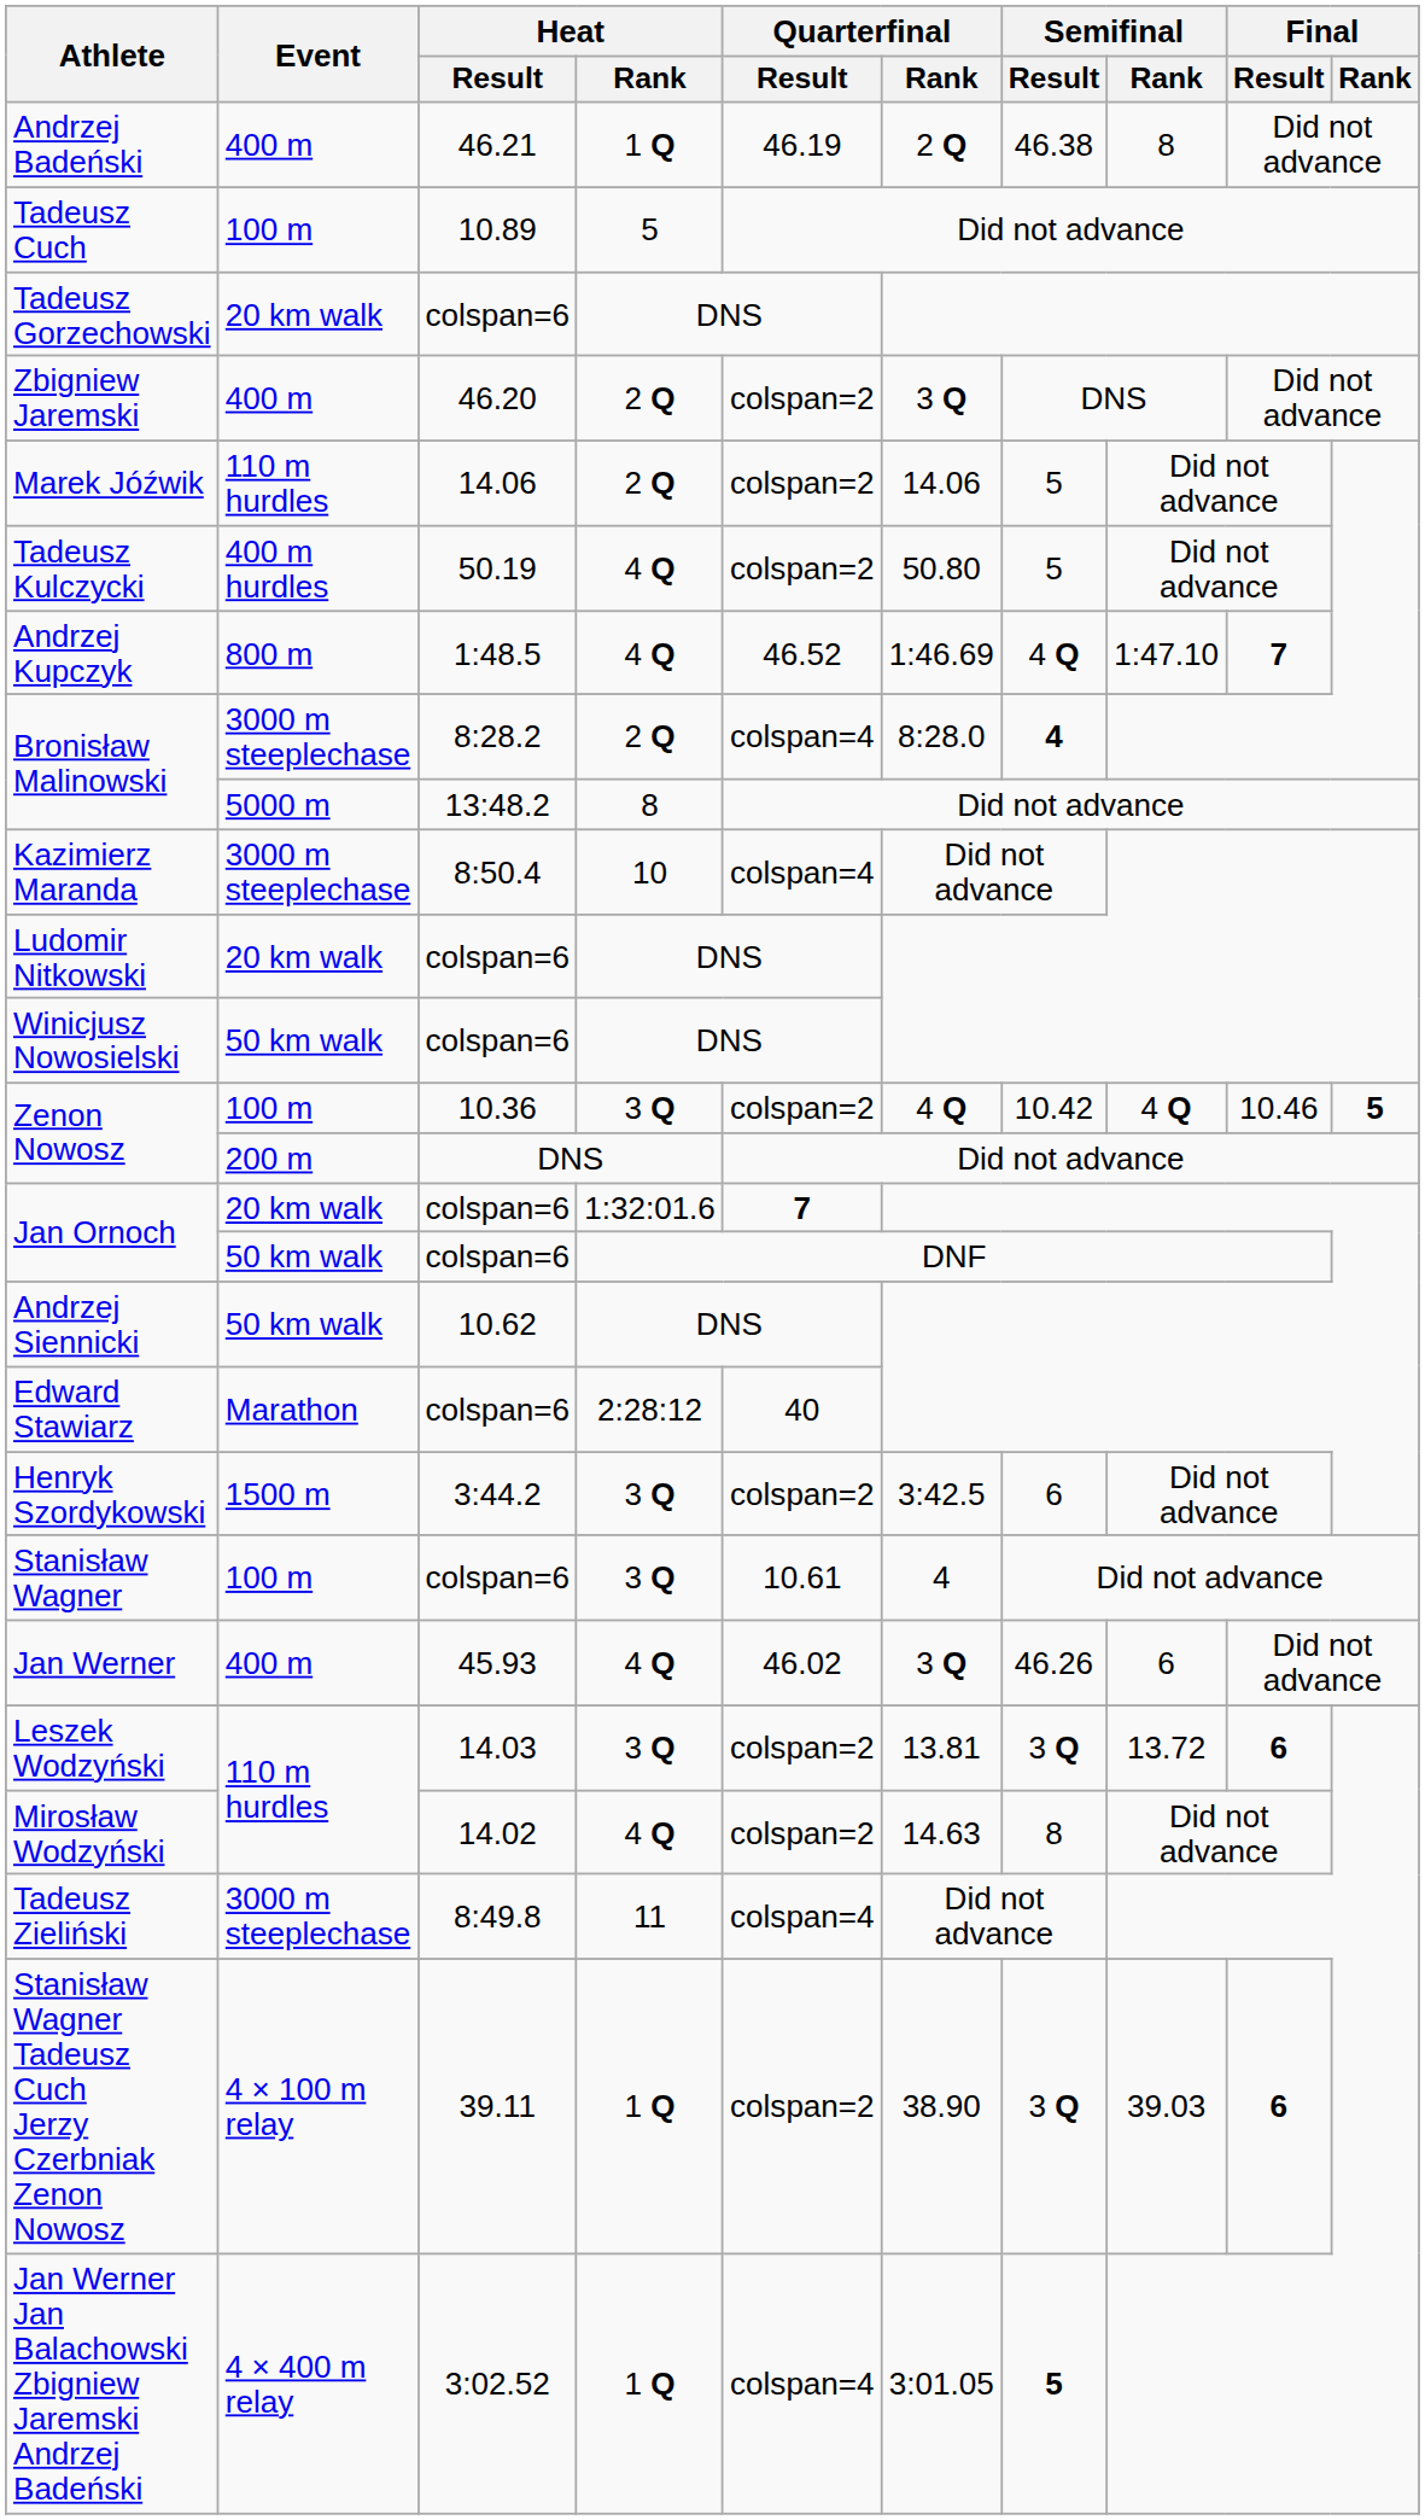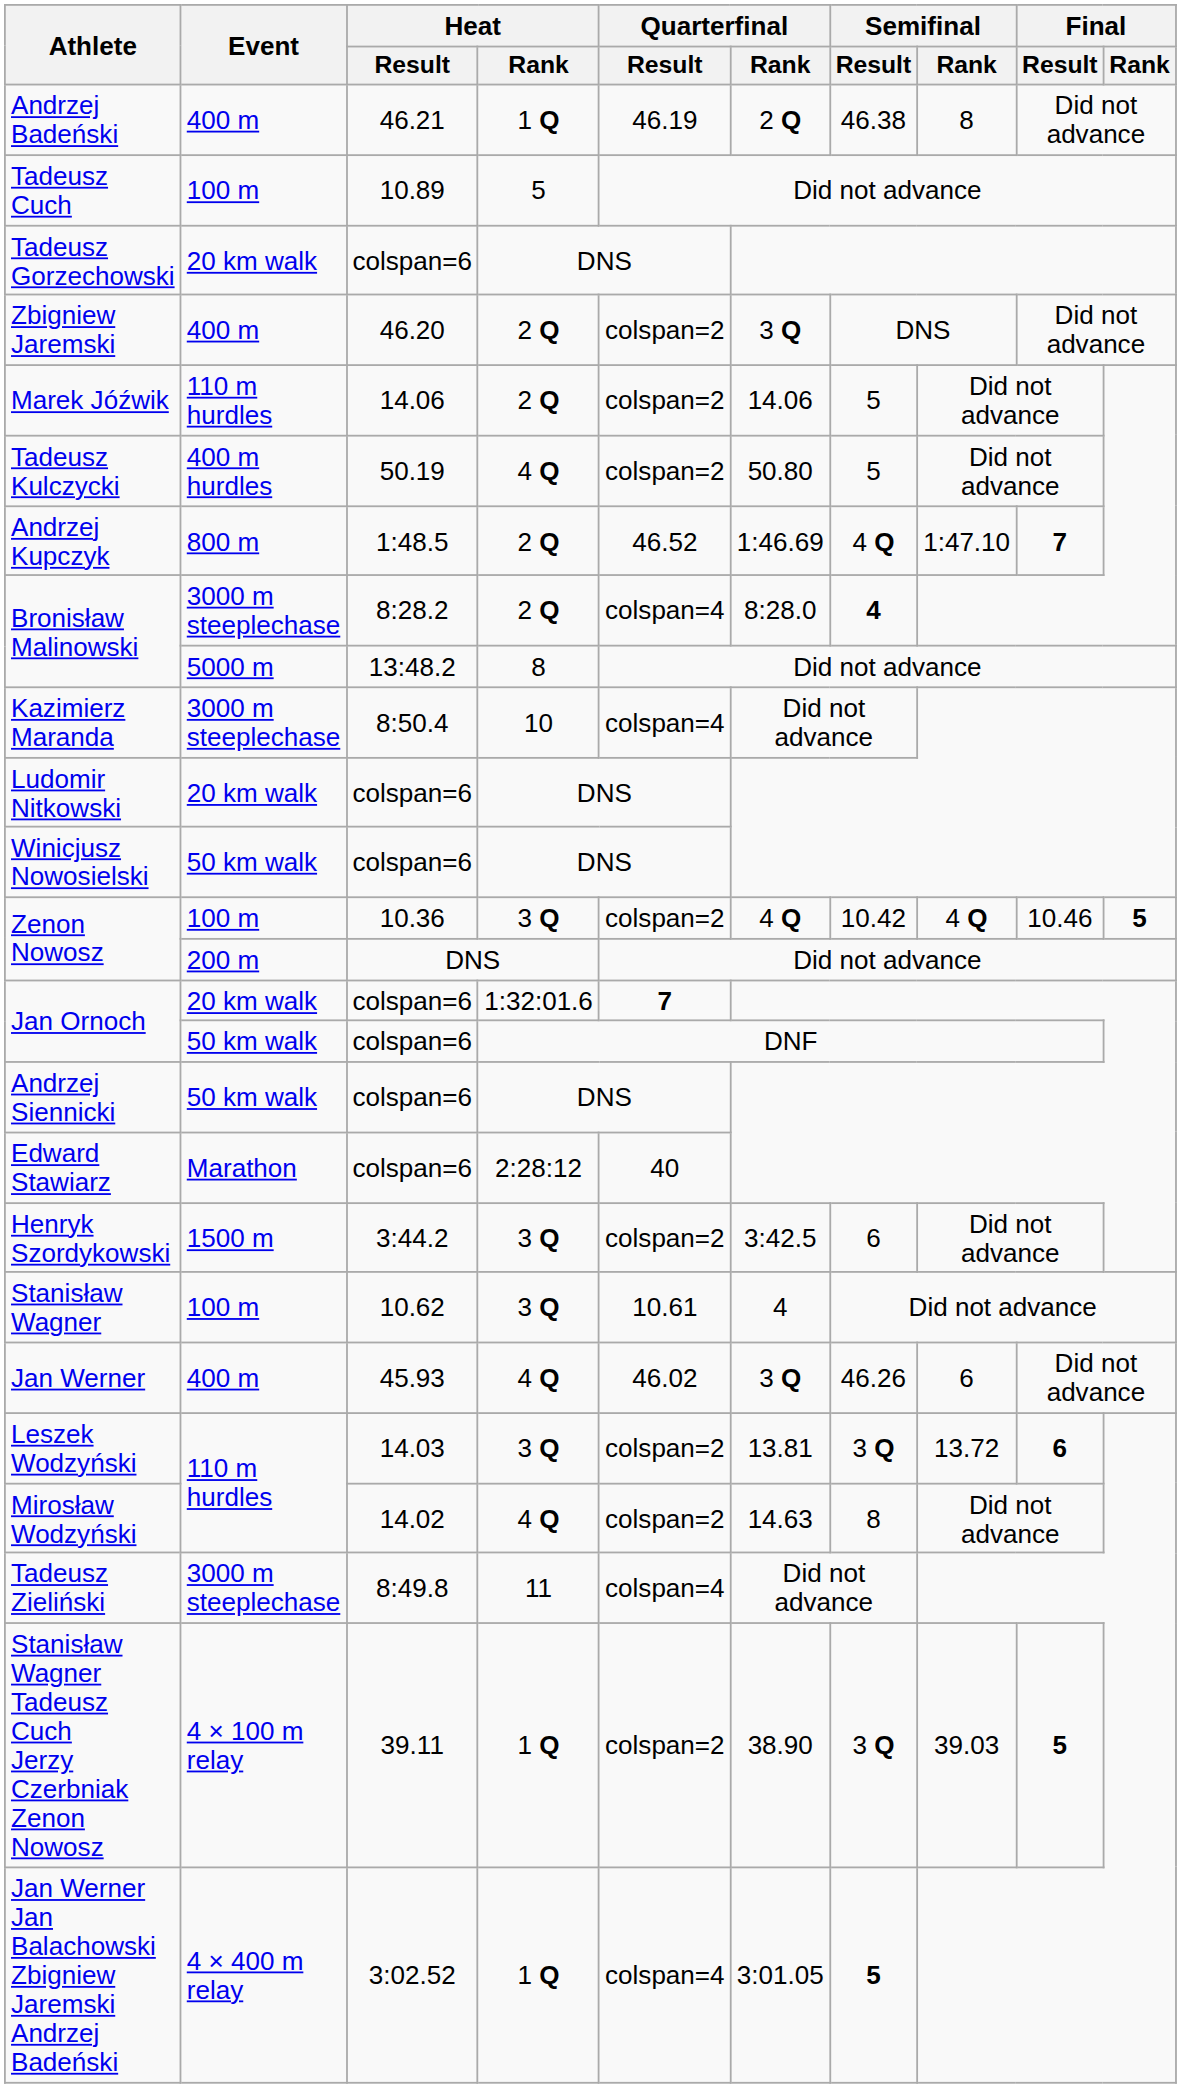 <table class="wikitable" style="font-size:90%">
 <tr>
 <th rowspan="2">Athlete</th>
 <th rowspan="2">Event</th>
 <th colspan="2">Heat</th>
 <th colspan="2">Quarterfinal</th>
 <th colspan="2">Semifinal</th>
 <th colspan="2">Final</th>
 </tr>
 <tr style="font-size:95%">
 <th>Result</th>
 <th>Rank</th>
 <th>Result</th>
 <th>Rank</th>
 <th>Result</th>
 <th>Rank</th>
 <th>Result</th>
 <th>Rank</th>
 </tr>
 <tr align=center>
 <td align=left><a href='#'>Andrzej Badeński</a></td>
 <td align=left><a href='#'>400 m</a></td>
 <td>46.21</td>
 <td>1 <strong>Q</strong></td>
 <td>46.19</td>
 <td>2 <strong>Q</strong></td>
 <td>46.38</td>
 <td>8</td>
 <td colspan=2>Did not advance</td>
 </tr>
 <tr align=center>
 <td style="text-align:left;"><a href='#'>Tadeusz Cuch</a></td>
 <td align=left><a href='#'>100 m</a></td>
 <td>10.89</td>
 <td>5</td>
 <td colspan=6>Did not advance</td>
 </tr>
 <tr align=center>
 <td style="text-align:left;"><a href='#'>Tadeusz Gorzechowski</a></td>
 <td align=left><a href='#'>20 km walk</a></td>
 <td>colspan=6 </td>
 <td colspan=2>DNS</td>
 </tr>
 <tr align=center>
 <td align=left><a href='#'>Zbigniew Jaremski</a></td>
 <td align=left><a href='#'>400 m</a></td>
 <td>46.20</td>
 <td>2 <strong>Q</strong></td>
 <td>colspan=2 </td>
 <td>3 <strong>Q</strong></td>
 <td colspan=2>DNS</td>
 <td colspan=2>Did not advance</td>
 </tr>
 <tr align=center>
 <td style="text-align:left;"><a href='#'>Marek Jóźwik</a></td>
 <td align=left><a href='#'>110 m hurdles</a></td>
 <td>14.06</td>
 <td>2 <strong>Q</strong></td>
 <td>colspan=2 </td>
 <td>14.06</td>
 <td>5</td>
 <td colspan=2>Did not advance</td>
 </tr>
 <tr align=center>
 <td style="text-align:left;"><a href='#'>Tadeusz Kulczycki</a></td>
 <td align=left><a href='#'>400 m hurdles</a></td>
 <td>50.19</td>
 <td>4 <strong>Q</strong></td>
 <td>colspan=2 </td>
 <td>50.80</td>
 <td>5</td>
 <td colspan=2>Did not advance</td>
 </tr>
 <tr align=center>
 <td align=left><a href='#'>Andrzej Kupczyk</a></td>
 <td align=left><a href='#'>800 m</a></td>
 <td>1:48.5</td>
-<td>4 <strong>Q</strong></td>
+<td>2 <strong>Q</strong></td>
 <td>46.52</td>
 <td>1:46.69</td>
 <td>4 <strong>Q</strong></td>
 <td>1:47.10</td>
 <td><strong>7</strong></td>
 </tr>
 <tr align=center>
 <td style="text-align:left;" rowspan="2"><a href='#'>Bronisław Malinowski</a></td>
 <td align=left><a href='#'>3000 m steeplechase</a></td>
 <td>8:28.2</td>
 <td>2 <strong>Q</strong></td>
 <td>colspan=4 </td>
 <td>8:28.0</td>
 <td><strong>4</strong></td>
 </tr>
 <tr align=center>
 <td align=left><a href='#'>5000 m</a></td>
 <td>13:48.2</td>
 <td>8</td>
 <td colspan=6>Did not advance</td>
 </tr>
 <tr align=center>
 <td align=left><a href='#'>Kazimierz Maranda</a></td>
 <td align=left><a href='#'>3000 m steeplechase</a></td>
 <td>8:50.4</td>
 <td>10</td>
 <td>colspan=4 </td>
 <td colspan=2>Did not advance</td>
 </tr>
 <tr align=center>
 <td align=left><a href='#'>Ludomir Nitkowski</a></td>
 <td align=left><a href='#'>20 km walk</a></td>
 <td>colspan=6 </td>
 <td colspan=2>DNS</td>
 </tr>
 <tr align=center>
 <td align=left><a href='#'>Winicjusz Nowosielski</a></td>
 <td align=left><a href='#'>50 km walk</a></td>
 <td>colspan=6 </td>
 <td colspan=2>DNS</td>
 </tr>
 <tr align=center>
 <td style="text-align:left;" rowspan="2"><a href='#'>Zenon Nowosz</a></td>
 <td align=left><a href='#'>100 m</a></td>
 <td>10.36</td>
 <td>3 <strong>Q</strong></td>
 <td>colspan=2 </td>
 <td>4 <strong>Q</strong></td>
 <td>10.42</td>
 <td>4 <strong>Q</strong></td>
 <td>10.46</td>
 <td><strong>5</strong></td>
 </tr>
 <tr align=center>
 <td align=left><a href='#'>200 m</a></td>
 <td colspan=2>DNS</td>
 <td colspan=6>Did not advance</td>
 </tr>
 <tr align=center>
 <td style="text-align:left;" rowspan="2"><a href='#'>Jan Ornoch</a></td>
 <td align=left><a href='#'>20 km walk</a></td>
 <td>colspan=6 </td>
 <td>1:32:01.6</td>
 <td><strong>7</strong></td>
 </tr>
 <tr align=center>
 <td align=left><a href='#'>50 km walk</a></td>
 <td>colspan=6 </td>
 <td colspan=6>DNF</td>
 </tr>
 <tr align=center>
 <td align=left><a href='#'>Andrzej Siennicki</a></td>
 <td align=left><a href='#'>50 km walk</a></td>
-<td>10.62</td>
+<td>colspan=6 </td>
 <td colspan=2>DNS</td>
 </tr>
 <tr align=center>
 <td align=left><a href='#'>Edward Stawiarz</a></td>
 <td align=left><a href='#'>Marathon</a></td>
 <td>colspan=6 </td>
 <td>2:28:12</td>
 <td>40</td>
 </tr>
 <tr align=center>
 <td align=left><a href='#'>Henryk Szordykowski</a></td>
 <td align=left><a href='#'>1500 m</a></td>
 <td>3:44.2</td>
 <td>3 <strong>Q</strong></td>
 <td>colspan=2 </td>
 <td>3:42.5</td>
 <td>6</td>
 <td colspan=2>Did not advance</td>
 </tr>
 <tr align=center>
 <td style="text-align:left;"><a href='#'>Stanisław Wagner</a></td>
 <td align=left><a href='#'>100 m</a></td>
-<td>colspan=6 </td>
+<td>10.62</td>
 <td>3 <strong>Q</strong></td>
 <td>10.61</td>
 <td>4</td>
 <td colspan=4>Did not advance</td>
 </tr>
 <tr align=center>
 <td align=left><a href='#'>Jan Werner</a></td>
 <td align=left><a href='#'>400 m</a></td>
 <td>45.93</td>
 <td>4 <strong>Q</strong></td>
 <td>46.02</td>
 <td>3 <strong>Q</strong></td>
 <td>46.26</td>
 <td>6</td>
 <td colspan=2>Did not advance</td>
 </tr>
 <tr align=center>
 <td align=left><a href='#'>Leszek Wodzyński</a></td>
 <td style="text-align:left;" rowspan="2"><a href='#'>110 m hurdles</a></td>
 <td>14.03</td>
 <td>3 <strong>Q</strong></td>
 <td>colspan=2 </td>
 <td>13.81</td>
 <td>3 <strong>Q</strong></td>
 <td>13.72</td>
 <td><strong>6</strong></td>
 </tr>
 <tr align=center>
 <td style="text-align:left;"><a href='#'>Mirosław Wodzyński</a></td>
 <td>14.02</td>
 <td>4 <strong>Q</strong></td>
 <td>colspan=2 </td>
 <td>14.63</td>
 <td>8</td>
 <td colspan=2>Did not advance</td>
 </tr>
 <tr align=center>
 <td align=left><a href='#'>Tadeusz Zieliński</a></td>
 <td align=left><a href='#'>3000 m steeplechase</a></td>
 <td>8:49.8</td>
 <td>11</td>
 <td>colspan=4 </td>
 <td colspan=2>Did not advance</td>
 </tr>
 <tr align=center>
 <td align=left><a href='#'>Stanisław Wagner</a><br><a href='#'>Tadeusz Cuch</a><br> <a href='#'>Jerzy Czerbniak</a><br><a href='#'>Zenon Nowosz</a></td>
 <td align=left><a href='#'>4 × 100 m relay</a></td>
 <td>39.11</td>
 <td>1 <strong>Q</strong></td>
 <td>colspan=2 </td>
 <td>38.90</td>
 <td>3 <strong>Q</strong></td>
 <td>39.03</td>
-<td><strong>6</strong></td>
+<td><strong>5</strong></td>
 </tr>
 <tr align=center>
 <td align=left><a href='#'>Jan Werner</a><br><a href='#'>Jan Balachowski</a><br><a href='#'>Zbigniew Jaremski</a><br><a href='#'>Andrzej Badeński</a></td>
 <td align=left><a href='#'>4 × 400 m relay</a></td>
 <td>3:02.52</td>
 <td>1 <strong>Q</strong></td>
 <td>colspan=4 </td>
 <td>3:01.05</td>
 <td><strong>5</strong></td>
 </tr>
 </table>
